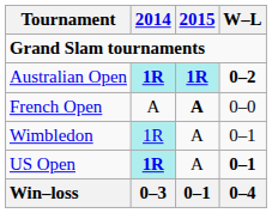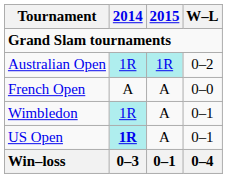 <table class=wikitable style=text-align:center;font-size:97%>
 <tr>
 <th>Tournament</th>
 <th><a href='#'>2014</a></th>
 <th><a href='#'>2015</a></th>
 <th>W–L</th>
 </tr>
 <tr>
 <td colspan=15 ; align=left><strong>Grand Slam tournaments</strong></td>
 </tr>
 <tr>
 <td align=left><a href='#'>Australian Open</a></td>
-<td bgcolor=afeeee><strong><a href='#'>1R</a></strong></td>
-<td bgcolor=afeeee><strong><a href='#'>1R</a></strong></td>
-<td><strong>0–2</strong></td>
+<td bgcolor=afeeee><a href='#'>1R</a></td>
+<td bgcolor=afeeee><a href='#'>1R</a></td>
+<td>0–2</td>
 </tr>
 <tr>
 <td align=left><a href='#'>French Open</a></td>
 <td>A</td>
-<td><strong>A</strong></td>
+<td>A</td>
 <td>0–0</td>
 </tr>
 <tr>
 <td align=left><a href='#'>Wimbledon</a></td>
 <td bgcolor=afeeee><a href='#'>1R</a></td>
 <td>A</td>
 <td>0–1</td>
 </tr>
 <tr>
 <td align=left><a href='#'>US Open</a></td>
 <td bgcolor=afeeee><strong><a href='#'>1R</a></strong></td>
 <td>A</td>
-<td><strong>0–1</strong></td>
+<td>0–1</td>
 </tr>
 <tr>
 <th style=text-align:left>Win–loss</th>
 <th>0–3</th>
 <th>0–1</th>
 <th>0–4</th>
 </tr>
 </table>
